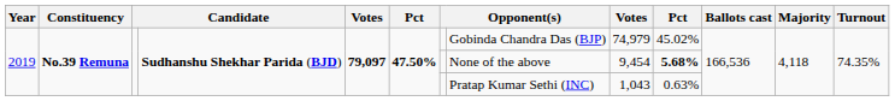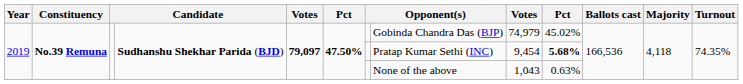 <table class="wikitable" style="margin:0.5em ; font-size:95%">
 <tr>
 <th>Year</th>
 <th>Constituency</th>
 <th colspan=2>Candidate</th>
 <th>Votes</th>
 <th>Pct</th>
 <th colspan=2>Opponent(s)</th>
 <th>Votes</th>
 <th>Pct</th>
 <th>Ballots cast</th>
 <th>Majority</th>
 <th>Turnout</th>
 </tr>
 <tr>
 <td rowspan=3><a href='#'>2019</a></td>
 <td rowspan=3><strong>No.39 <a href='#'>Remuna</a></strong></td>
 <td rowspan=3 ></td>
 <td rowspan=3><strong>Sudhanshu Shekhar Parida</strong> (<a href='#'><strong>BJD</strong></a>)</td>
 <td rowspan=3 align=right><strong>79,097</strong></td>
 <td rowspan=3><strong>47.50%</strong></td>
 <td></td>
 <td>Gobinda Chandra Das (<a href='#'>BJP</a>)</td>
 <td align=right>74,979</td>
 <td>45.02%</td>
 <td rowspan=3>166,536</td>
 <td rowspan=3>4,118</td>
 <td rowspan=3>74.35%</td>
 </tr>
 <tr>
 <td bgcolor=></td>
-<td>None of the above</td>
+<td>Pratap Kumar Sethi (<a href='#'>INC</a>)</td>
 <td align=right>9,454</td>
 <td align=right><strong>5.68%</strong></td>
 </tr>
 <tr>
 <td bgcolor=></td>
-<td>Pratap Kumar Sethi (<a href='#'>INC</a>)</td>
+<td>None of the above</td>
 <td align=right>1,043</td>
 <td align=right>0.63%</td>
 </tr>
 </table>
